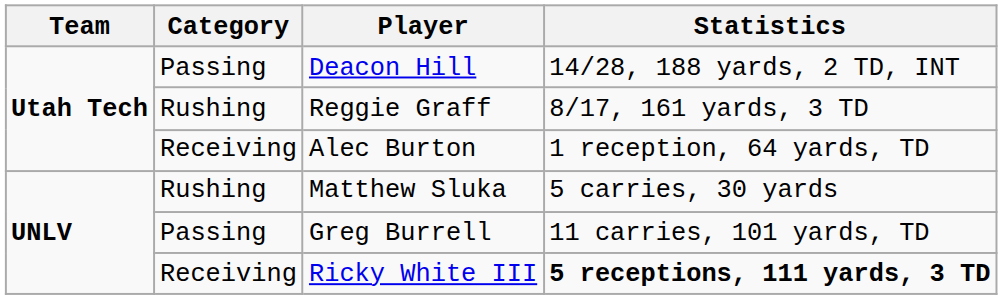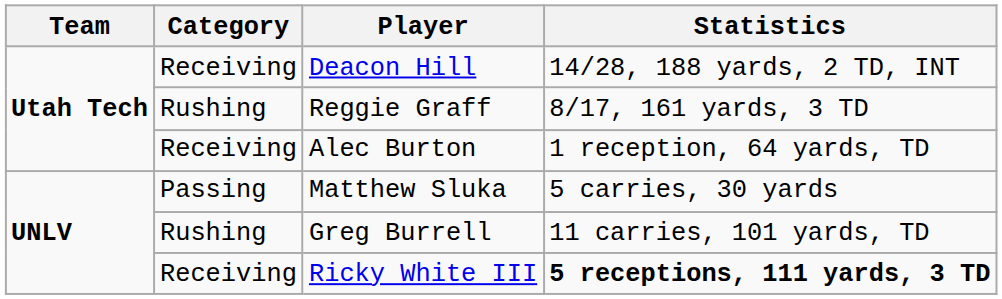 <table class="wikitable" style="float: right;">
 <tr>
 <th>Team</th>
 <th>Category</th>
 <th>Player</th>
 <th>Statistics</th>
 </tr>
 <tr>
 <td rowspan=3><strong>Utah Tech</strong></td>
-<td>Passing</td>
+<td>Receiving</td>
 <td><a href='#'>Deacon Hill</a></td>
 <td>14/28, 188 yards, 2 TD, INT</td>
 </tr>
 <tr>
 <td>Rushing</td>
 <td>Reggie Graff</td>
 <td>8/17, 161 yards, 3 TD</td>
 </tr>
 <tr>
 <td>Receiving</td>
 <td>Alec Burton</td>
 <td>1 reception, 64 yards, TD</td>
 </tr>
 <tr>
 <td rowspan=3><strong>UNLV</strong></td>
-<td>Rushing</td>
+<td>Passing</td>
 <td>Matthew Sluka</td>
 <td>5 carries, 30 yards</td>
 </tr>
 <tr>
-<td>Passing</td>
+<td>Rushing</td>
 <td>Greg Burrell</td>
 <td>11 carries, 101 yards, TD</td>
 </tr>
 <tr>
 <td>Receiving</td>
 <td><a href='#'>Ricky White III</a></td>
 <td><strong>5 receptions, 111 yards, 3 TD</strong></td>
 </tr>
 </table>
